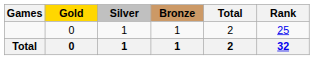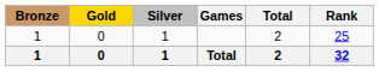 <table class="wikitable" style="text-align:center; font-size:90%;">
 <tr>
-<th>Games</th>
+<td style="background:#cc9966; width:4.5em; font-weight:bold;">Bronze</td>
 <td style="background:gold; width:4.5em; font-weight:bold;">Gold</td>
 <td style="background:silver; width:4.5em; font-weight:bold;">Silver</td>
-<td style="background:#cc9966; width:4.5em; font-weight:bold;">Bronze</td>
+<th>Games</th>
 <th style="width:4.5em; font-weight:bold;">Total</th>
 <th style="width:4.5em; font-weight:bold;">Rank</th>
 </tr>
 <tr>
-<td align=left></td>
+<td>1</td>
 <td>0</td>
 <td>1</td>
-<td>1</td>
+<td align=left></td>
 <td>2</td>
 <td><a href='#'>25</a></td>
 </tr>
 <tr>
-<th>Total</th>
+<th>1</th>
 <th>0</th>
 <th>1</th>
-<th>1</th>
+<th>Total</th>
 <th>2</th>
 <th><a href='#'>32</a></th>
 </tr>
 </table>
